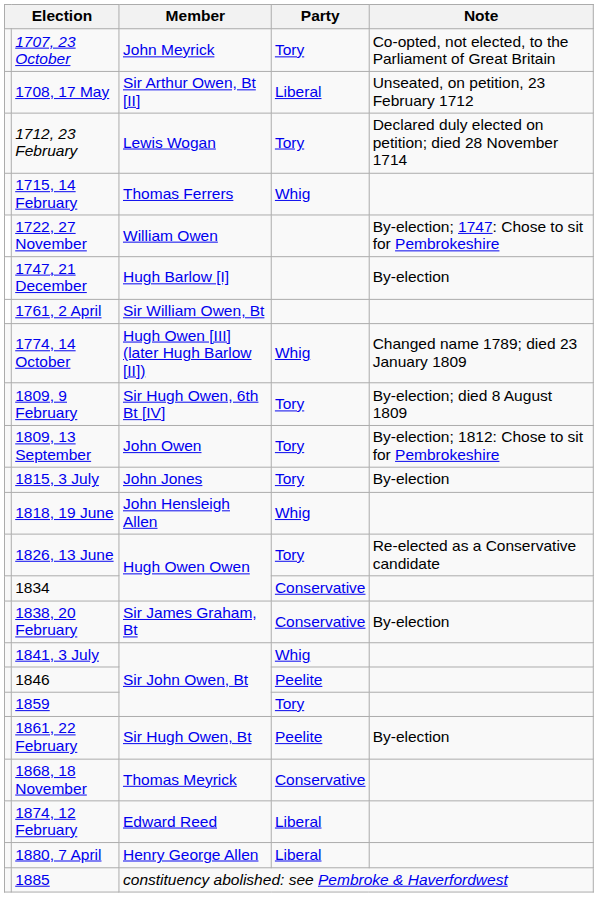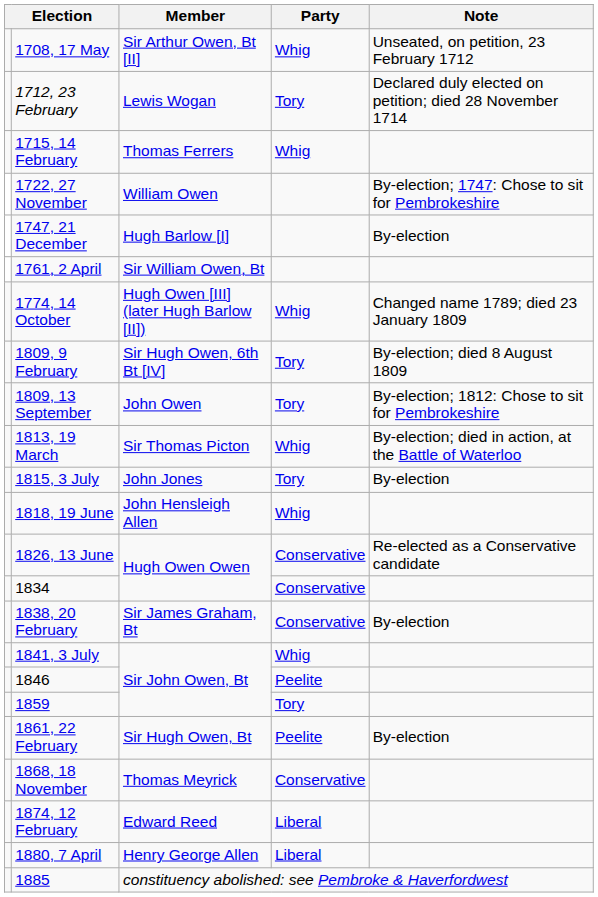 <table class="wikitable">
 <tr>
 <th colspan="2">Election</th>
 <th>Member</th>
 <th>Party</th>
 <th>Note</th>
 </tr>
 <tr>
 <td style="color:inherit;background-color: "></td>
-<td><a href='#'><em>1707, 23 October</em></a></td>
-<td><a href='#'>John Meyrick</a> </td>
-<td><a href='#'>Tory</a></td>
-<td>Co-opted, not elected, to the Parliament of Great Britain</td>
-</tr>
-<tr>
-<td style="color:inherit;background-color: "></td>
 <td><a href='#'>1708, 17 May</a></td>
 <td><a href='#'>Sir Arthur Owen, Bt [II]</a> </td>
-<td><a href='#'>Liberal</a></td>
+<td><a href='#'>Whig</a></td>
 <td>Unseated, on petition, 23 February 1712</td>
 </tr>
 <tr>
 <td style="color:inherit;background-color: "></td>
 <td><em>1712, 23 February</em></td>
 <td><a href='#'>Lewis Wogan</a> </td>
 <td><a href='#'>Tory</a></td>
 <td>Declared duly elected on petition; died 28 November 1714</td>
 </tr>
 <tr>
 <td style="color:inherit;background-color: "></td>
 <td><a href='#'>1715, 14 February</a></td>
 <td><a href='#'>Thomas Ferrers</a> </td>
 <td><a href='#'>Whig</a></td>
 <td></td>
 </tr>
 <tr>
 <td style="color:inherit;background-color: white"></td>
 <td><a href='#'>1722, 27 November</a></td>
 <td><a href='#'>William Owen</a> </td>
 <td></td>
 <td>By-election; <a href='#'>1747</a>: Chose to sit for <a href='#'>Pembrokeshire</a></td>
 </tr>
 <tr>
 <td style="color:inherit;background-color: white"></td>
 <td><a href='#'>1747, 21 December</a></td>
 <td><a href='#'>Hugh Barlow [I]</a> </td>
 <td></td>
 <td>By-election</td>
 </tr>
 <tr>
 <td style="color:inherit;background-color: white"></td>
 <td><a href='#'>1761, 2 April</a></td>
 <td><a href='#'>Sir William Owen, Bt</a> </td>
 <td></td>
 <td></td>
 </tr>
 <tr>
 <td style="color:inherit;background-color: "></td>
 <td><a href='#'>1774, 14 October</a></td>
 <td><a href='#'>Hugh Owen [III] (later Hugh Barlow [II])</a> </td>
 <td><a href='#'>Whig</a></td>
 <td>Changed name 1789; died 23 January 1809</td>
 </tr>
 <tr>
 <td style="color:inherit;background-color: "></td>
 <td><a href='#'>1809, 9 February</a></td>
 <td><a href='#'>Sir Hugh Owen, 6th Bt [IV]</a> </td>
 <td><a href='#'>Tory</a></td>
 <td>By-election; died 8 August 1809</td>
 </tr>
 <tr>
 <td style="color:inherit;background-color: "></td>
 <td><a href='#'>1809, 13 September</a></td>
 <td><a href='#'>John Owen</a> </td>
 <td><a href='#'>Tory</a></td>
 <td>By-election; 1812: Chose to sit for <a href='#'>Pembrokeshire</a></td>
 </tr>
 <tr>
 <td style="color:inherit;background-color: "></td>
+<td><a href='#'>1813, 19 March</a></td>
+<td><a href='#'>Sir Thomas Picton</a> </td>
+<td><a href='#'>Whig</a></td>
+<td>By-election; died in action, at the <a href='#'>Battle of Waterloo</a></td>
+</tr>
+<tr>
+<td style="color:inherit;background-color: "></td>
 <td><a href='#'>1815, 3 July</a></td>
 <td><a href='#'>John Jones</a> </td>
 <td><a href='#'>Tory</a></td>
 <td>By-election</td>
 </tr>
 <tr>
 <td style="color:inherit;background-color: "></td>
 <td><a href='#'>1818, 19 June</a></td>
 <td><a href='#'>John Hensleigh Allen</a> </td>
 <td><a href='#'>Whig</a></td>
 <td></td>
 </tr>
 <tr>
 <td style="color:inherit;background-color: "></td>
 <td><a href='#'>1826, 13 June</a></td>
 <td rowspan="2"><a href='#'>Hugh Owen Owen</a> </td>
-<td><a href='#'>Tory</a></td>
+<td><a href='#'>Conservative</a></td>
 <td>Re-elected as a Conservative candidate</td>
 </tr>
 <tr>
 <td style="color:inherit;background-color: "></td>
 <td>1834</td>
 <td><a href='#'>Conservative</a></td>
 <td></td>
 </tr>
 <tr>
 <td style="color:inherit;background-color: "></td>
 <td><a href='#'>1838, 20 February</a></td>
 <td><a href='#'>Sir James Graham, Bt</a> </td>
 <td><a href='#'>Conservative</a></td>
 <td>By-election</td>
 </tr>
 <tr>
 <td style="color:inherit;background-color: "></td>
 <td><a href='#'>1841, 3 July</a></td>
 <td rowspan="3"><a href='#'>Sir John Owen, Bt</a> </td>
 <td><a href='#'>Whig</a></td>
 <td></td>
 </tr>
 <tr>
 <td style="background-color: "></td>
 <td>1846</td>
 <td><a href='#'>Peelite</a></td>
 <td></td>
 </tr>
 <tr>
 <td style="color:inherit;background-color: "></td>
 <td><a href='#'>1859</a></td>
 <td><a href='#'>Tory</a></td>
 <td></td>
 </tr>
 <tr>
 <td style="color:inherit;background-color: "></td>
 <td><a href='#'>1861, 22 February</a></td>
 <td><a href='#'>Sir Hugh Owen, Bt</a> </td>
 <td><a href='#'>Peelite</a></td>
 <td>By-election</td>
 </tr>
 <tr>
 <td style="color:inherit;background-color: "></td>
 <td><a href='#'>1868, 18 November</a></td>
 <td><a href='#'>Thomas Meyrick</a> </td>
 <td><a href='#'>Conservative</a></td>
 <td></td>
 </tr>
 <tr>
 <td style="color:inherit;background-color: "></td>
 <td><a href='#'>1874, 12 February</a></td>
 <td><a href='#'>Edward Reed</a> </td>
 <td><a href='#'>Liberal</a></td>
 <td></td>
 </tr>
 <tr>
 <td style="color:inherit;background-color: "></td>
 <td><a href='#'>1880, 7 April</a></td>
 <td><a href='#'>Henry George Allen</a> </td>
 <td><a href='#'>Liberal</a></td>
 <td></td>
 </tr>
 <tr>
 <td></td>
 <td><a href='#'>1885</a></td>
 <td colspan="3"><em>constituency abolished: see <a href='#'>Pembroke & Haverfordwest</a></em></td>
 </tr>
 </table>
